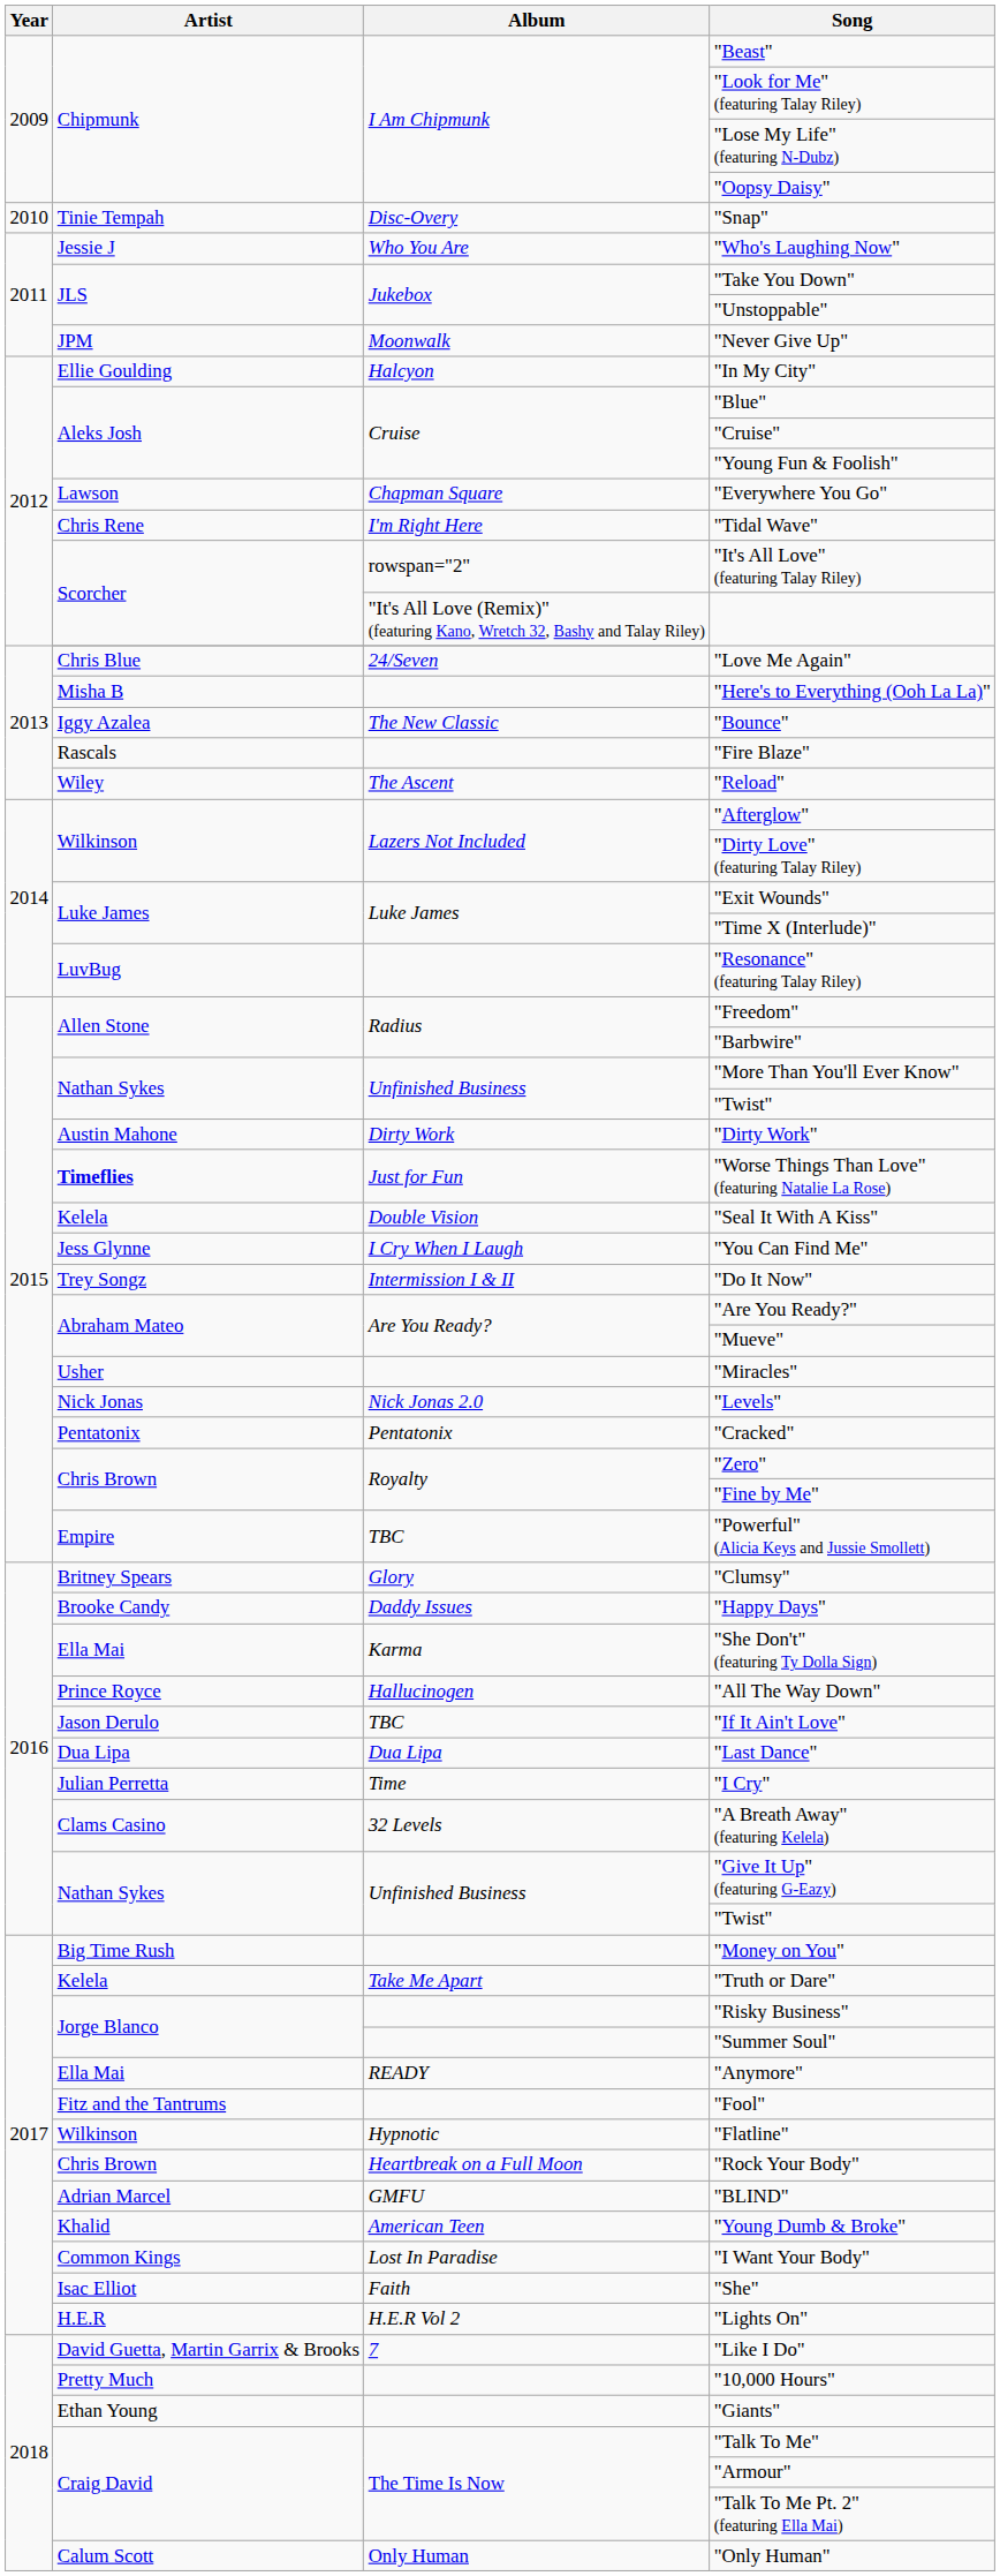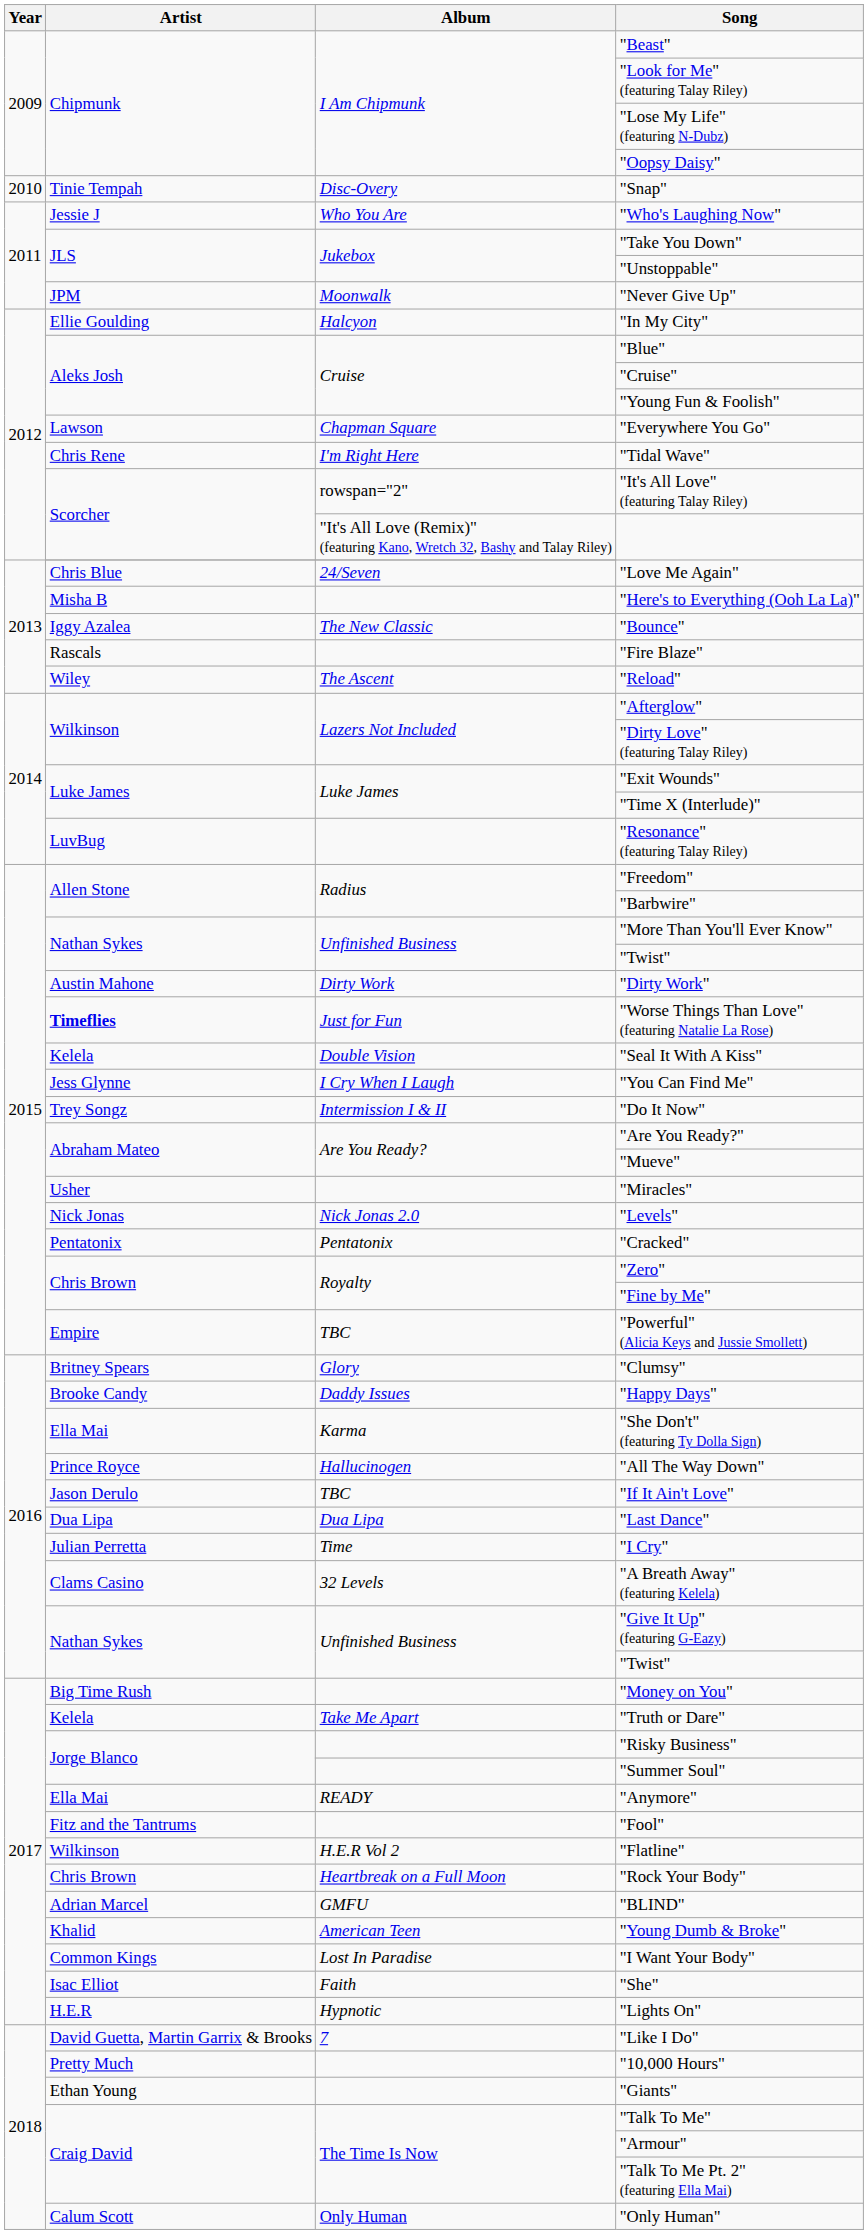 <table class="wikitable">
 <tr>
 <th>Year</th>
 <th>Artist</th>
 <th>Album</th>
 <th>Song</th>
 </tr>
 <tr>
 <td rowspan="4">2009</td>
 <td rowspan="4"><a href='#'>Chipmunk</a></td>
 <td rowspan="4"><em><a href='#'>I Am Chipmunk</a></em></td>
 <td>"<a href='#'>Beast</a>"</td>
 </tr>
 <tr>
 <td>"<a href='#'>Look for Me</a>"<br><small>(featuring Talay Riley)</small></td>
 </tr>
 <tr>
 <td>"Lose My Life"<br><small>(featuring <a href='#'>N-Dubz</a>)</small></td>
 </tr>
 <tr>
 <td>"<a href='#'>Oopsy Daisy</a>"</td>
 </tr>
 <tr>
 <td>2010</td>
 <td><a href='#'>Tinie Tempah</a></td>
 <td><em><a href='#'>Disc-Overy</a></em></td>
 <td>"Snap"</td>
 </tr>
 <tr>
 <td rowspan="4">2011</td>
 <td><a href='#'>Jessie J</a></td>
 <td><em><a href='#'>Who You Are</a></em></td>
 <td>"<a href='#'>Who's Laughing Now</a>"</td>
 </tr>
 <tr>
 <td rowspan="2"><a href='#'>JLS</a></td>
 <td rowspan="2"><em><a href='#'>Jukebox</a></em></td>
 <td>"Take You Down"</td>
 </tr>
 <tr>
 <td>"Unstoppable"</td>
 </tr>
 <tr>
 <td><a href='#'>JPM</a></td>
 <td><em><a href='#'>Moonwalk</a></em></td>
 <td>"Never Give Up"</td>
 </tr>
 <tr>
 <td rowspan="8">2012</td>
 <td><a href='#'>Ellie Goulding</a></td>
 <td><em><a href='#'>Halcyon</a></em></td>
 <td>"In My City"</td>
 </tr>
 <tr>
 <td rowspan="3"><a href='#'>Aleks Josh</a></td>
 <td rowspan="3"><em>Cruise</em></td>
 <td>"Blue"</td>
 </tr>
 <tr>
 <td>"Cruise"</td>
 </tr>
 <tr>
 <td>"Young Fun & Foolish"</td>
 </tr>
 <tr>
 <td><a href='#'>Lawson</a></td>
 <td><em><a href='#'>Chapman Square</a></em></td>
 <td>"Everywhere You Go"</td>
 </tr>
 <tr>
 <td><a href='#'>Chris Rene</a></td>
 <td><em><a href='#'>I'm Right Here</a></em></td>
 <td>"Tidal Wave"</td>
 </tr>
 <tr>
 <td rowspan="2"><a href='#'>Scorcher</a></td>
 <td>rowspan="2" </td>
 <td>"It's All Love"<br><small>(featuring Talay Riley)</small></td>
 </tr>
 <tr>
 <td>"It's All Love (Remix)"<br><small>(featuring <a href='#'>Kano</a>, <a href='#'>Wretch 32</a>, <a href='#'>Bashy</a> and Talay Riley)</small></td>
 </tr>
 <tr>
 <td rowspan="6">2013</td>
 </tr>
 <tr>
 <td><a href='#'>Chris Blue</a></td>
 <td><em><a href='#'>24/Seven</a></em></td>
 <td>"Love Me Again"</td>
 </tr>
 <tr>
 <td><a href='#'>Misha B</a></td>
 <td></td>
 <td>"<a href='#'>Here's to Everything (Ooh La La)</a>"</td>
 </tr>
 <tr>
 <td><a href='#'>Iggy Azalea</a></td>
 <td><em><a href='#'>The New Classic</a></em></td>
 <td>"<a href='#'>Bounce</a>"</td>
 </tr>
 <tr>
 <td>Rascals</td>
 <td></td>
 <td>"Fire Blaze"</td>
 </tr>
 <tr>
 <td><a href='#'>Wiley</a></td>
 <td><em><a href='#'>The Ascent</a></em></td>
 <td>"<a href='#'>Reload</a>"</td>
 </tr>
 <tr>
 <td rowspan="5">2014</td>
 <td rowspan="2"><a href='#'>Wilkinson</a></td>
 <td rowspan="2"><em><a href='#'>Lazers Not Included</a></em></td>
 <td>"<a href='#'>Afterglow</a>"</td>
 </tr>
 <tr>
 <td>"<a href='#'>Dirty Love</a>"<br><small>(featuring Talay Riley)</small></td>
 </tr>
 <tr>
 <td rowspan="2"><a href='#'>Luke James</a></td>
 <td rowspan="2"><em>Luke James</em></td>
 <td>"Exit Wounds"</td>
 </tr>
 <tr>
 <td>"Time X (Interlude)"</td>
 </tr>
 <tr>
 <td><a href='#'>LuvBug</a></td>
 <td></td>
 <td>"<a href='#'>Resonance</a>"<br><small>(featuring Talay Riley)</small></td>
 </tr>
 <tr>
 <td rowspan="17">2015</td>
 <td rowspan="2"><a href='#'>Allen Stone</a></td>
 <td rowspan="2"><em>Radius</em></td>
 <td>"Freedom"</td>
 </tr>
 <tr>
 <td>"Barbwire"</td>
 </tr>
 <tr>
 <td rowspan="2"><a href='#'>Nathan Sykes</a></td>
 <td rowspan="2"><em><a href='#'>Unfinished Business</a></em></td>
 <td>"More Than You'll Ever Know"</td>
 </tr>
 <tr>
 <td>"Twist"</td>
 </tr>
 <tr>
 <td><a href='#'>Austin Mahone</a></td>
 <td><em><a href='#'>Dirty Work</a></em></td>
 <td>"<a href='#'>Dirty Work</a>"</td>
 </tr>
 <tr>
 <td><strong><a href='#'>Timeflies</a></strong></td>
 <td><em><a href='#'>Just for Fun</a></em></td>
 <td>"Worse Things Than Love"<br><small>(featuring <a href='#'>Natalie La Rose</a>)</small></td>
 </tr>
 <tr>
 <td><a href='#'>Kelela</a></td>
 <td><em><a href='#'>Double Vision</a></em></td>
 <td>"Seal It With A Kiss"</td>
 </tr>
 <tr>
 <td><a href='#'>Jess Glynne</a></td>
 <td><em><a href='#'>I Cry When I Laugh</a></em></td>
 <td>"You Can Find Me"</td>
 </tr>
 <tr>
 <td><a href='#'>Trey Songz</a></td>
 <td><em><a href='#'>Intermission I & II</a></em></td>
 <td>"Do It Now"</td>
 </tr>
 <tr>
 <td rowspan="2"><a href='#'>Abraham Mateo</a></td>
 <td rowspan="2"><em>Are You Ready?</em></td>
 <td>"Are You Ready?"</td>
 </tr>
 <tr>
 <td>"Mueve"</td>
 </tr>
 <tr>
 <td><a href='#'>Usher</a></td>
 <td></td>
 <td>"Miracles"</td>
 </tr>
 <tr>
 <td><a href='#'>Nick Jonas</a></td>
 <td><em><a href='#'>Nick Jonas 2.0</a></em></td>
 <td>"<a href='#'>Levels</a>"</td>
 </tr>
 <tr>
 <td><a href='#'>Pentatonix</a></td>
 <td><em>Pentatonix</em></td>
 <td>"Cracked"</td>
 </tr>
 <tr>
 <td rowspan="2"><a href='#'>Chris Brown</a></td>
 <td rowspan="2"><em>Royalty</em></td>
 <td>"<a href='#'>Zero</a>"</td>
 </tr>
 <tr>
 <td>"<a href='#'>Fine by Me</a>"</td>
 </tr>
 <tr>
 <td><a href='#'>Empire</a></td>
 <td><em>TBC</em></td>
 <td>"Powerful"<br><small>(<a href='#'>Alicia Keys</a> and <a href='#'>Jussie Smollett</a>)</small></td>
 </tr>
 <tr>
 <td rowspan="10">2016</td>
 <td><a href='#'>Britney Spears</a></td>
 <td><em><a href='#'>Glory</a></em></td>
 <td>"Clumsy"</td>
 </tr>
 <tr>
 <td><a href='#'>Brooke Candy</a></td>
 <td><em><a href='#'>Daddy Issues</a></em></td>
 <td>"<a href='#'>Happy Days</a>"</td>
 </tr>
 <tr>
 <td><a href='#'>Ella Mai</a></td>
 <td><em>Karma</em></td>
 <td>"She Don't"<br><small>(featuring <a href='#'>Ty Dolla Sign</a>)</small></td>
 </tr>
 <tr>
 <td><a href='#'>Prince Royce</a></td>
 <td><em><a href='#'>Hallucinogen</a></em></td>
 <td>"All The Way Down"</td>
 </tr>
 <tr>
 <td><a href='#'>Jason Derulo</a></td>
 <td><em>TBC</em></td>
 <td>"<a href='#'>If It Ain't Love</a>"</td>
 </tr>
 <tr>
 <td><a href='#'>Dua Lipa</a></td>
 <td><em><a href='#'>Dua Lipa</a></em></td>
 <td>"<a href='#'>Last Dance</a>"</td>
 </tr>
 <tr>
 <td><a href='#'>Julian Perretta</a></td>
 <td><em>Time</em></td>
 <td>"<a href='#'>I Cry</a>"</td>
 </tr>
 <tr>
 <td><a href='#'>Clams Casino</a></td>
 <td><em>32 Levels</em></td>
 <td>"A Breath Away"<br><small>(featuring <a href='#'>Kelela</a>)</small></td>
 </tr>
 <tr>
 <td rowspan="2"><a href='#'>Nathan Sykes</a></td>
 <td rowspan="2"><em>Unfinished Business</em></td>
 <td>"<a href='#'>Give It Up</a>"<br><small>(featuring <a href='#'>G-Eazy</a>)</small></td>
 </tr>
 <tr>
 <td>"Twist"</td>
 </tr>
 <tr>
 <td rowspan="13">2017</td>
 <td><a href='#'>Big Time Rush</a></td>
 <td></td>
 <td>"<a href='#'>Money on You</a>"</td>
 </tr>
 <tr>
 <td><a href='#'>Kelela</a></td>
 <td><em><a href='#'>Take Me Apart</a></em></td>
 <td>"Truth or Dare"</td>
 </tr>
 <tr>
 <td rowspan="2"><a href='#'>Jorge Blanco</a></td>
 <td></td>
 <td>"Risky Business"</td>
 </tr>
 <tr>
 <td></td>
 <td>"Summer Soul"</td>
 </tr>
 <tr>
 <td><a href='#'>Ella Mai</a></td>
 <td><em>READY</em></td>
 <td>"Anymore"</td>
 </tr>
 <tr>
 <td><a href='#'>Fitz and the Tantrums</a></td>
 <td></td>
 <td>"Fool"</td>
 </tr>
 <tr>
 <td><a href='#'>Wilkinson</a></td>
-<td><em>Hypnotic</em></td>
+<td><em>H.E.R Vol 2</em></td>
 <td>"Flatline"</td>
 </tr>
 <tr>
 <td><a href='#'>Chris Brown</a></td>
 <td><em><a href='#'>Heartbreak on a Full Moon</a></em></td>
 <td>"Rock Your Body"</td>
 </tr>
 <tr>
 <td><a href='#'>Adrian Marcel</a></td>
 <td><em>GMFU</em></td>
 <td>"BLIND"</td>
 </tr>
 <tr>
 <td><a href='#'>Khalid</a></td>
 <td><em><a href='#'>American Teen</a></em></td>
 <td>"<a href='#'>Young Dumb & Broke</a>"</td>
 </tr>
 <tr>
 <td><a href='#'>Common Kings</a></td>
 <td><em>Lost In Paradise</em></td>
 <td>"I Want Your Body"</td>
 </tr>
 <tr>
 <td><a href='#'>Isac Elliot</a></td>
 <td><em>Faith</em></td>
 <td>"She"</td>
 </tr>
 <tr>
 <td><a href='#'>H.E.R</a></td>
-<td><em>H.E.R Vol 2</em></td>
+<td><em>Hypnotic</em></td>
 <td>"Lights On"</td>
 </tr>
 <tr>
 <td rowspan="7">2018</td>
 <td><a href='#'>David Guetta</a>, <a href='#'>Martin Garrix</a> & Brooks</td>
 <td><em><a href='#'>7</a></em></td>
 <td>"Like I Do"</td>
 </tr>
 <tr>
 <td><a href='#'>Pretty Much</a></td>
 <td></td>
 <td>"10,000 Hours"</td>
 </tr>
 <tr>
 <td>Ethan Young</td>
 <td></td>
 <td>"Giants"</td>
 </tr>
 <tr>
 <td rowspan="3"><a href='#'>Craig David</a></td>
 <td rowspan="3"><a href='#'>The Time Is Now</a></td>
 <td>"Talk To Me"</td>
 </tr>
 <tr>
 <td>"Armour"</td>
 </tr>
 <tr>
 <td>"Talk To Me Pt. 2" <br><small>(featuring <a href='#'>Ella Mai</a>)</small></td>
 </tr>
 <tr>
 <td><a href='#'>Calum Scott</a></td>
 <td><a href='#'>Only Human</a></td>
 <td>"Only Human"</td>
 </tr>
 </table>
